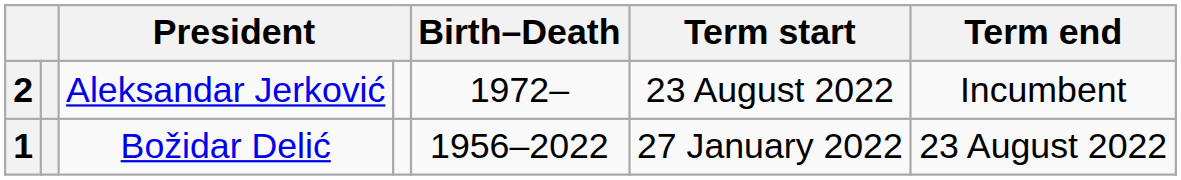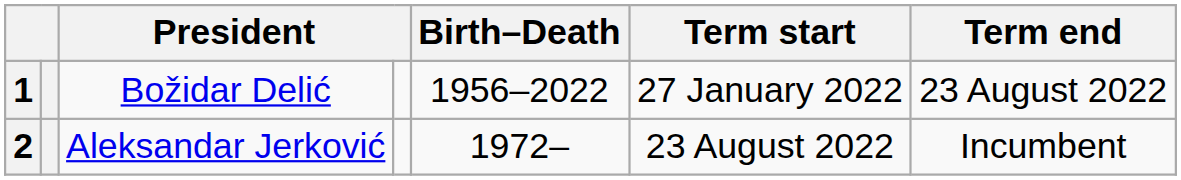 <table class="wikitable" style="text-align:center">
 <tr>
 <th colspan="2"></th>
 <th colspan="2">President</th>
 <th>Birth–Death</th>
 <th>Term start</th>
 <th>Term end</th>
+</tr>
+<tr>
+<th>1</th>
+<th style="background:"></th>
+<td><a href='#'>Božidar Delić</a></td>
+<td></td>
+<td>1956–2022</td>
+<td>27 January 2022</td>
+<td>23 August 2022</td>
 </tr>
 <tr>
 <th>2</th>
 <th style="background:"></th>
 <td><a href='#'>Aleksandar Jerković</a></td>
 <td></td>
 <td>1972–</td>
 <td>23 August 2022</td>
 <td>Incumbent</td>
 </tr>
-<tr>
-<th>1</th>
-<th style="background:"></th>
-<td><a href='#'>Božidar Delić</a></td>
-<td></td>
-<td>1956–2022</td>
-<td>27 January 2022</td>
-<td>23 August 2022</td>
-</tr>
 </table>
